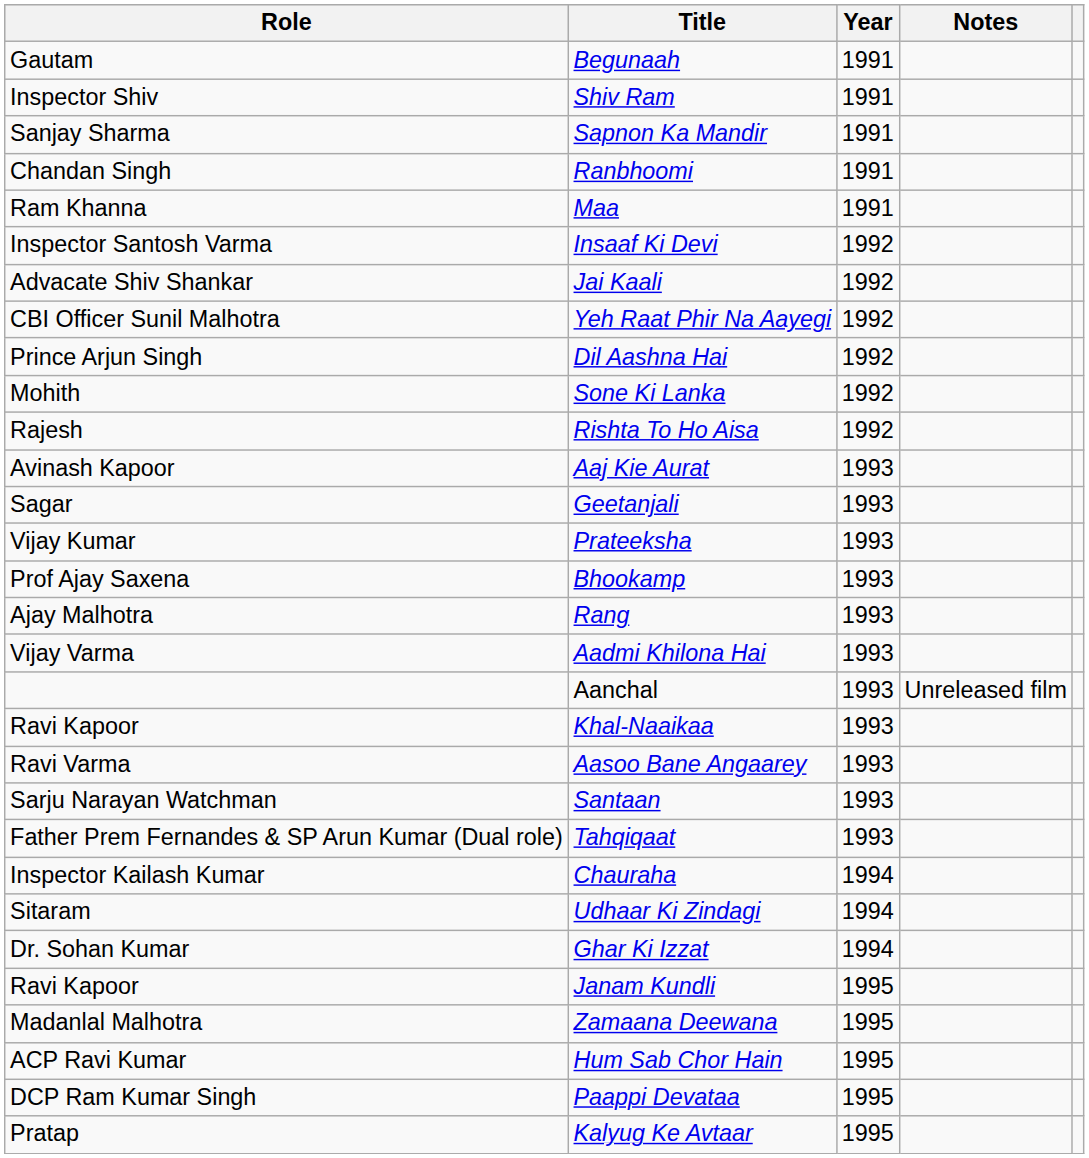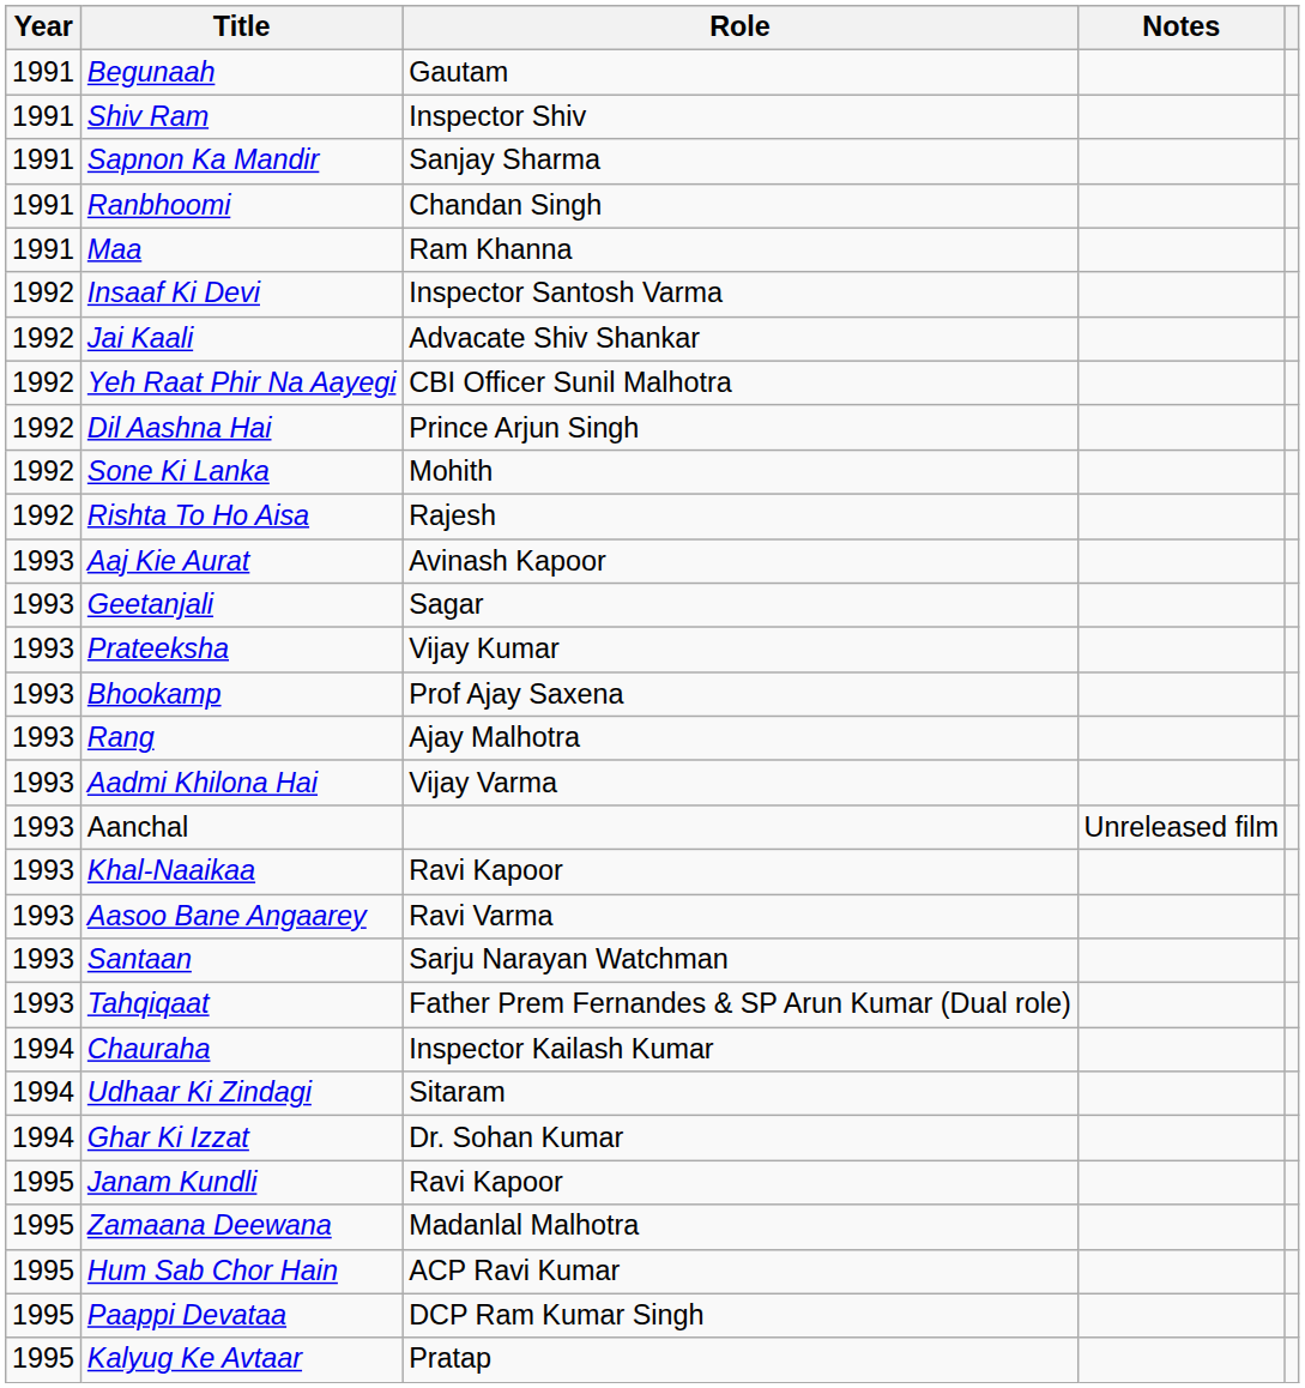 <table class="wikitable sortable">
 <tr style="background:#ccc; align:center,">
+<th>Year</th>
+<th>Title</th>
 <th>Role</th>
-<th>Title</th>
-<th>Year</th>
 <th>Notes</th>
 <th></th>
 </tr>
 <tr>
+<td>1991</td>
+<td><em><a href='#'>Begunaah</a></em></td>
 <td>Gautam</td>
-<td><em><a href='#'>Begunaah</a></em></td>
-<td>1991</td>
 <td></td>
 <td></td>
 </tr>
 <tr>
+<td>1991</td>
+<td><em><a href='#'>Shiv Ram</a></em></td>
 <td>Inspector Shiv</td>
-<td><em><a href='#'>Shiv Ram</a></em></td>
-<td>1991</td>
 <td></td>
 <td></td>
 </tr>
 <tr>
+<td>1991</td>
+<td><em><a href='#'>Sapnon Ka Mandir</a></em></td>
 <td>Sanjay Sharma</td>
-<td><em><a href='#'>Sapnon Ka Mandir</a></em></td>
-<td>1991</td>
 <td></td>
 <td></td>
 </tr>
 <tr>
+<td>1991</td>
+<td><em><a href='#'>Ranbhoomi</a></em></td>
 <td>Chandan Singh</td>
-<td><em><a href='#'>Ranbhoomi</a></em></td>
-<td>1991</td>
 <td></td>
 <td></td>
 </tr>
 <tr>
+<td>1991</td>
+<td><em><a href='#'>Maa</a></em></td>
 <td>Ram Khanna</td>
-<td><em><a href='#'>Maa</a></em></td>
-<td>1991</td>
 <td></td>
 <td></td>
 </tr>
 <tr>
+<td>1992</td>
+<td><em><a href='#'>Insaaf Ki Devi</a></em></td>
 <td>Inspector Santosh Varma</td>
-<td><em><a href='#'>Insaaf Ki Devi</a></em></td>
-<td>1992</td>
 <td></td>
 <td></td>
 </tr>
 <tr>
+<td>1992</td>
+<td><em><a href='#'>Jai Kaali</a></em></td>
 <td>Advacate Shiv Shankar</td>
-<td><em><a href='#'>Jai Kaali</a></em></td>
-<td>1992</td>
 <td></td>
 <td></td>
 </tr>
 <tr>
+<td>1992</td>
+<td><em><a href='#'>Yeh Raat Phir Na Aayegi</a></em></td>
 <td>CBI Officer Sunil Malhotra</td>
-<td><em><a href='#'>Yeh Raat Phir Na Aayegi</a></em></td>
-<td>1992</td>
 <td></td>
 <td></td>
 </tr>
 <tr>
+<td>1992</td>
+<td><em><a href='#'>Dil Aashna Hai</a></em></td>
 <td>Prince Arjun Singh</td>
-<td><em><a href='#'>Dil Aashna Hai</a></em></td>
-<td>1992</td>
 <td></td>
 <td></td>
 </tr>
 <tr>
+<td>1992</td>
+<td><em><a href='#'>Sone Ki Lanka</a></em></td>
 <td>Mohith</td>
-<td><em><a href='#'>Sone Ki Lanka</a></em></td>
-<td>1992</td>
 <td></td>
 <td></td>
 </tr>
 <tr>
+<td>1992</td>
+<td><em><a href='#'>Rishta To Ho Aisa</a></em></td>
 <td>Rajesh</td>
-<td><em><a href='#'>Rishta To Ho Aisa</a></em></td>
-<td>1992</td>
 <td></td>
 <td></td>
 </tr>
 <tr>
+<td>1993</td>
+<td><em><a href='#'>Aaj Kie Aurat</a></em></td>
 <td>Avinash Kapoor</td>
-<td><em><a href='#'>Aaj Kie Aurat</a></em></td>
-<td>1993</td>
 <td></td>
 <td></td>
 </tr>
 <tr>
+<td>1993</td>
+<td><em><a href='#'>Geetanjali</a></em></td>
 <td>Sagar</td>
-<td><em><a href='#'>Geetanjali</a></em></td>
-<td>1993</td>
 <td></td>
 <td></td>
 </tr>
 <tr>
+<td>1993</td>
+<td><em><a href='#'>Prateeksha</a></em></td>
 <td>Vijay Kumar</td>
-<td><em><a href='#'>Prateeksha</a></em></td>
-<td>1993</td>
 <td></td>
 <td></td>
 </tr>
 <tr>
+<td>1993</td>
+<td><em><a href='#'>Bhookamp</a></em></td>
 <td>Prof Ajay Saxena</td>
-<td><em><a href='#'>Bhookamp</a></em></td>
-<td>1993</td>
 <td></td>
 <td></td>
 </tr>
 <tr>
+<td>1993</td>
+<td><em><a href='#'>Rang</a></em></td>
 <td>Ajay Malhotra</td>
-<td><em><a href='#'>Rang</a></em></td>
-<td>1993</td>
 <td></td>
 <td></td>
 </tr>
 <tr>
+<td>1993</td>
+<td><em><a href='#'>Aadmi Khilona Hai</a></em></td>
 <td>Vijay Varma</td>
-<td><em><a href='#'>Aadmi Khilona Hai</a></em></td>
-<td>1993</td>
 <td></td>
 <td></td>
 </tr>
 <tr>
+<td>1993</td>
+<td>Aanchal</td>
 <td></td>
-<td>Aanchal</td>
-<td>1993</td>
 <td>Unreleased film</td>
 <td></td>
 </tr>
 <tr>
+<td>1993</td>
+<td><em><a href='#'>Khal-Naaikaa</a></em></td>
 <td>Ravi Kapoor</td>
-<td><em><a href='#'>Khal-Naaikaa</a></em></td>
-<td>1993</td>
 <td></td>
 <td></td>
 </tr>
 <tr>
+<td>1993</td>
+<td><em><a href='#'>Aasoo Bane Angaarey</a></em></td>
 <td>Ravi Varma</td>
-<td><em><a href='#'>Aasoo Bane Angaarey</a></em></td>
-<td>1993</td>
 <td></td>
 <td></td>
 </tr>
 <tr>
+<td>1993</td>
+<td><em><a href='#'>Santaan</a></em></td>
 <td>Sarju Narayan Watchman</td>
-<td><em><a href='#'>Santaan</a></em></td>
-<td>1993</td>
 <td></td>
 <td></td>
 </tr>
 <tr>
+<td>1993</td>
+<td><em><a href='#'>Tahqiqaat</a></em></td>
 <td>Father Prem Fernandes & SP Arun Kumar (Dual role)</td>
-<td><em><a href='#'>Tahqiqaat</a></em></td>
-<td>1993</td>
 <td></td>
 <td></td>
 </tr>
 <tr>
+<td>1994</td>
+<td><em><a href='#'>Chauraha</a></em></td>
 <td>Inspector Kailash Kumar</td>
-<td><em><a href='#'>Chauraha</a></em></td>
-<td>1994</td>
 <td></td>
 <td></td>
 </tr>
 <tr>
+<td>1994</td>
+<td><em><a href='#'>Udhaar Ki Zindagi</a></em></td>
 <td>Sitaram</td>
-<td><em><a href='#'>Udhaar Ki Zindagi</a></em></td>
-<td>1994</td>
 <td></td>
 <td></td>
 </tr>
 <tr>
+<td>1994</td>
+<td><em><a href='#'>Ghar Ki Izzat</a></em></td>
 <td>Dr. Sohan Kumar</td>
-<td><em><a href='#'>Ghar Ki Izzat</a></em></td>
-<td>1994</td>
 <td></td>
 <td></td>
 </tr>
 <tr>
+<td>1995</td>
+<td><em><a href='#'>Janam Kundli</a></em></td>
 <td>Ravi Kapoor</td>
-<td><em><a href='#'>Janam Kundli</a></em></td>
-<td>1995</td>
 <td></td>
 <td></td>
 </tr>
 <tr>
+<td>1995</td>
+<td><em><a href='#'>Zamaana Deewana</a></em></td>
 <td>Madanlal Malhotra</td>
-<td><em><a href='#'>Zamaana Deewana</a></em></td>
-<td>1995</td>
 <td></td>
 <td></td>
 </tr>
 <tr>
+<td>1995</td>
+<td><em><a href='#'>Hum Sab Chor Hain</a></em></td>
 <td>ACP Ravi Kumar</td>
-<td><em><a href='#'>Hum Sab Chor Hain</a></em></td>
-<td>1995</td>
 <td></td>
 <td></td>
 </tr>
 <tr>
+<td>1995</td>
+<td><em><a href='#'>Paappi Devataa</a></em></td>
 <td>DCP Ram Kumar Singh</td>
-<td><em><a href='#'>Paappi Devataa</a></em></td>
-<td>1995</td>
 <td></td>
 <td></td>
 </tr>
 <tr>
+<td>1995</td>
+<td><em><a href='#'>Kalyug Ke Avtaar</a></em></td>
 <td>Pratap</td>
-<td><em><a href='#'>Kalyug Ke Avtaar</a></em></td>
-<td>1995</td>
 <td></td>
 <td></td>
 </tr>
 </table>
